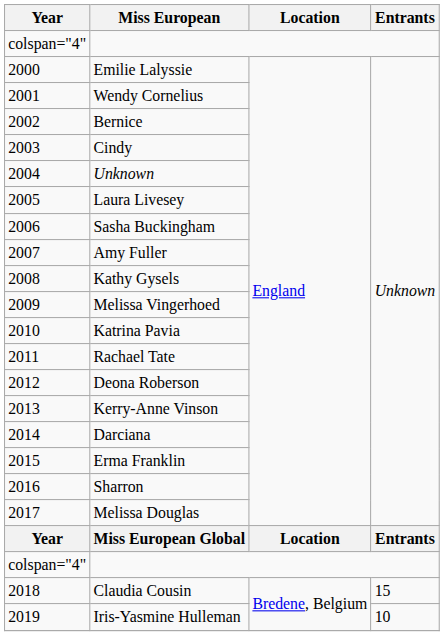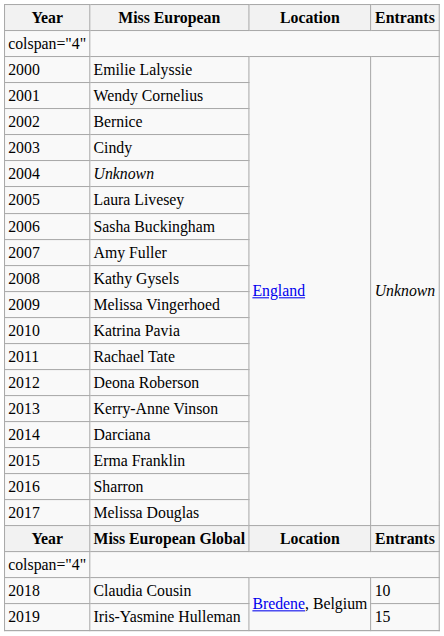 <table class="wikitable" style="font-size: 95%;">
 <tr>
 <th>Year</th>
 <th>Miss European</th>
 <th>Location</th>
 <th>Entrants</th>
 </tr>
 <tr>
 <td>colspan="4" </td>
 </tr>
 <tr>
 <td>2000</td>
 <td>Emilie Lalyssie<br></td>
 <td rowspan="18"><a href='#'>England</a></td>
 <td rowspan="18"><em>Unknown</em></td>
 </tr>
 <tr>
 <td>2001</td>
 <td>Wendy Cornelius<br></td>
 </tr>
 <tr>
 <td>2002</td>
 <td>Bernice<br></td>
 </tr>
 <tr>
 <td>2003</td>
 <td>Cindy<br></td>
 </tr>
 <tr>
 <td>2004</td>
 <td><em>Unknown</em><br></td>
 </tr>
 <tr>
 <td>2005</td>
 <td>Laura Livesey<br></td>
 </tr>
 <tr>
 <td>2006</td>
 <td>Sasha Buckingham<br></td>
 </tr>
 <tr>
 <td>2007</td>
 <td>Amy Fuller<br></td>
 </tr>
 <tr>
 <td>2008</td>
 <td>Kathy Gysels<br></td>
 </tr>
 <tr>
 <td>2009</td>
 <td>Melissa Vingerhoed<br></td>
 </tr>
 <tr>
 <td>2010</td>
 <td>Katrina Pavia<br></td>
 </tr>
 <tr>
 <td>2011</td>
 <td>Rachael Tate<br></td>
 </tr>
 <tr>
 <td>2012</td>
 <td>Deona Roberson<br></td>
 </tr>
 <tr>
 <td>2013</td>
 <td>Kerry-Anne Vinson<br></td>
 </tr>
 <tr>
 <td>2014</td>
 <td>Darciana<br></td>
 </tr>
 <tr>
 <td>2015</td>
 <td>Erma Franklin<br></td>
 </tr>
 <tr>
 <td>2016</td>
 <td>Sharron<br></td>
 </tr>
 <tr>
 <td>2017</td>
 <td>Melissa Douglas<br></td>
 </tr>
 <tr>
 <th>Year</th>
 <th>Miss European Global</th>
 <th>Location</th>
 <th>Entrants</th>
 </tr>
 <tr>
 <td>colspan="4" </td>
 </tr>
 <tr>
 <td>2018</td>
 <td>Claudia Cousin<br></td>
 <td rowspan="2"><a href='#'>Bredene</a>, Belgium</td>
-<td>15</td>
+<td>10</td>
 </tr>
 <tr>
 <td>2019</td>
 <td>Iris-Yasmine Hulleman<br></td>
-<td>10</td>
+<td>15</td>
 </tr>
 <tr>
 </tr>
 </table>
